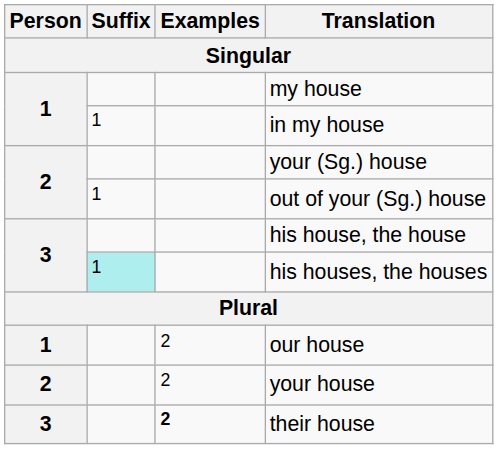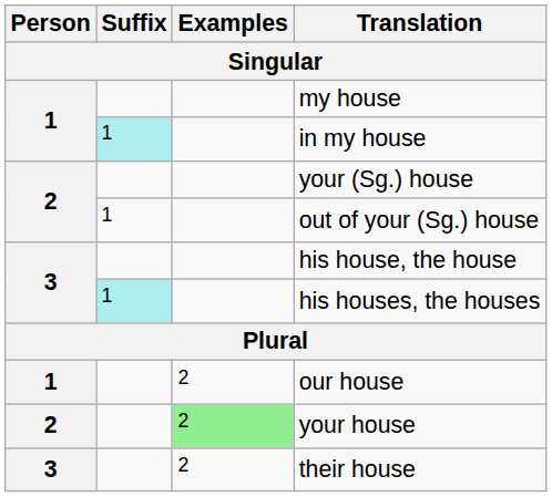 <table class="wikitable">
 <tr>
 <th>Person</th>
 <th>Suffix</th>
 <th>Examples</th>
 <th>Translation</th>
 </tr>
 <tr>
 <th COLSPAN="4">Singular</th>
 </tr>
 <tr>
 <th ROWSPAN="2">1</th>
 <td></td>
 <td></td>
 <td>my house</td>
 </tr>
 <tr>
-<td><sup>1</sup></td>
+<td style="background: paleturquoise;"><sup>1</sup></td>
 <td></td>
 <td>in my house</td>
 </tr>
 <tr>
 <th ROWSPAN="2">2</th>
 <td></td>
 <td></td>
 <td>your (Sg.) house</td>
 </tr>
 <tr>
 <td><sup>1</sup></td>
 <td></td>
 <td>out of your (Sg.) house</td>
 </tr>
 <tr>
 <th ROWSPAN="2">3</th>
 <td></td>
 <td></td>
 <td>his house, the house</td>
 </tr>
 <tr>
 <td style="background: paleturquoise;"><sup>1</sup></td>
 <td></td>
 <td>his houses, the houses</td>
 </tr>
 <tr>
 <th COLSPAN="4">Plural</th>
 </tr>
 <tr>
 <th>1</th>
 <td></td>
 <td> <sup>2</sup></td>
 <td>our house</td>
 </tr>
 <tr>
 <th>2</th>
 <td></td>
-<td> <sup>2</sup></td>
+<td style="background: lightgreen;"> <sup>2</sup></td>
 <td>your house</td>
 </tr>
 <tr>
 <th>3</th>
 <td></td>
-<td><strong> <sup>2</sup></strong></td>
+<td> <sup>2</sup></td>
 <td>their house</td>
 </tr>
 </table>
